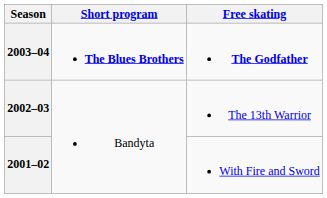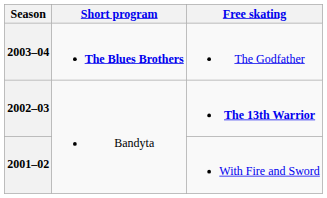 <table class=wikitable style=text-align:center>
 <tr>
 <th>Season</th>
 <th><a href='#'>Short program</a></th>
 <th><a href='#'>Free skating</a></th>
 </tr>
 <tr>
 <th>2003–04 <br> </th>
 <td><strong><br><ul><li><a href='#'>The Blues Brothers</a></li></ul></strong></td>
-<td><strong><br><ul><li><a href='#'>The Godfather</a> <br></li></ul></strong></td>
+<td><br><ul><li><a href='#'>The Godfather</a> <br></li></ul></td>
 </tr>
 <tr>
 <th>2002–03 <br> </th>
 <td rowspan=2><br><ul><li>Bandyta <br></li></ul></td>
-<td><br><ul><li><a href='#'>The 13th Warrior</a> <br></li></ul></td>
+<td><strong><br><ul><li><a href='#'>The 13th Warrior</a> <br></li></ul></strong></td>
 </tr>
 <tr>
 <th>2001–02 <br> </th>
 <td><br><ul><li><a href='#'>With Fire and Sword</a> <br></li></ul></td>
 </tr>
 </table>
